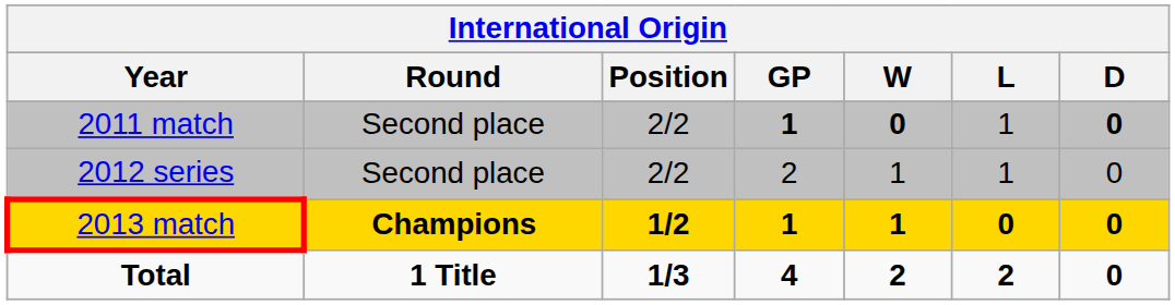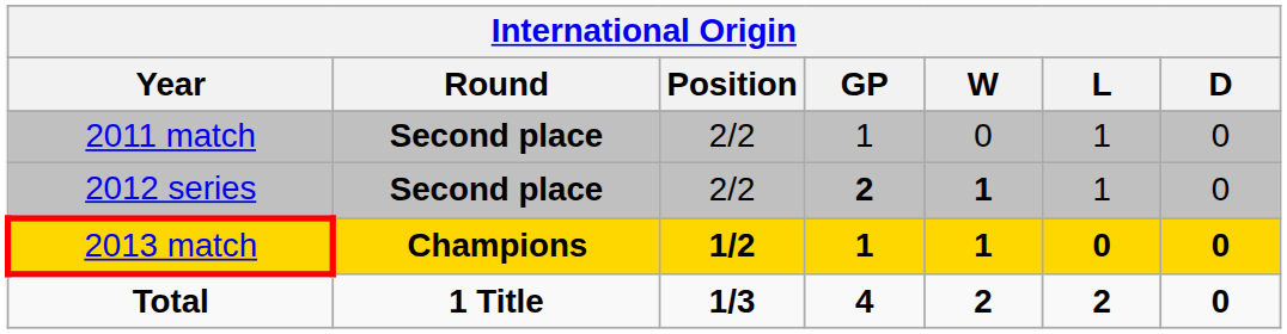 <table class="wikitable" style="text-align: center;">
 <tr>
 <th colspan=9><a href='#'>International Origin</a></th>
 </tr>
 <tr>
 <th width=150>Year</th>
 <th width=150>Round</th>
 <th width=50>Position</th>
 <th width=50>GP</th>
 <th width=50>W</th>
 <th width=50>L</th>
 <th width=50>D</th>
 </tr>
 <tr bgcolor=silver>
 <td><a href='#'>2011 match</a></td>
-<td>Second place</td>
+<td><strong>Second place</strong></td>
 <td>2/2</td>
-<td><strong>1</strong></td>
-<td><strong>0</strong></td>
 <td>1</td>
-<td><strong>0</strong></td>
+<td>0</td>
+<td>1</td>
+<td>0</td>
 </tr>
 <tr bgcolor=silver>
 <td><a href='#'>2012 series</a></td>
-<td>Second place</td>
+<td><strong>Second place</strong></td>
 <td>2/2</td>
-<td>2</td>
-<td>1</td>
+<td><strong>2</strong></td>
+<td><strong>1</strong></td>
 <td>1</td>
 <td>0</td>
 </tr>
 <tr bgcolor=Gold>
 <td style="border: 3px solid red"><a href='#'>2013 match</a></td>
 <td><strong>Champions</strong></td>
 <td><strong>1/2</strong></td>
 <td><strong>1</strong></td>
 <td><strong>1</strong></td>
 <td><strong>0</strong></td>
 <td><strong>0</strong></td>
 </tr>
 <tr>
 <td><strong>Total</strong></td>
 <td><strong>1 Title</strong></td>
 <td><strong>1/3</strong></td>
 <td><strong>4</strong></td>
 <td><strong>2</strong></td>
 <td><strong>2</strong></td>
 <td><strong>0</strong></td>
 </tr>
 </table>
